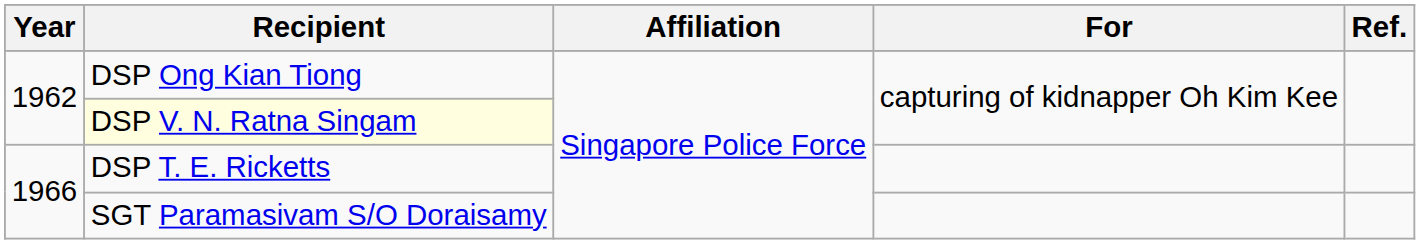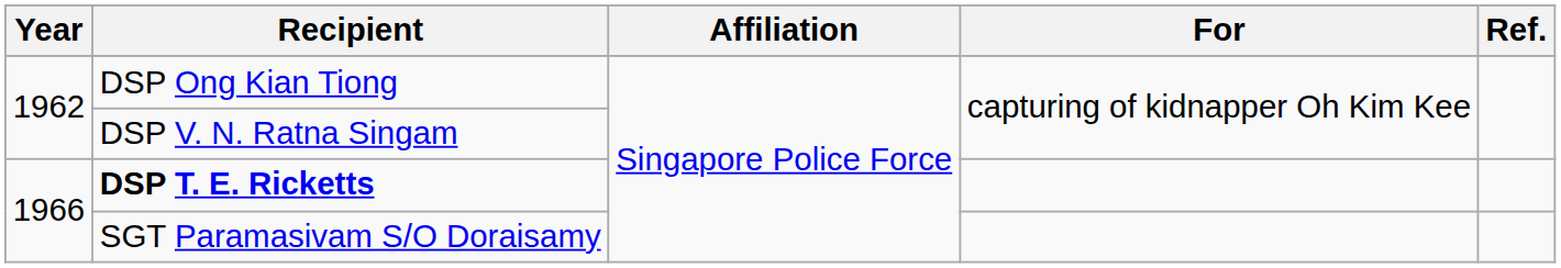 <table class="wikitable">
 <tr>
 <th>Year</th>
 <th>Recipient</th>
 <th>Affiliation</th>
 <th>For</th>
 <th>Ref.</th>
 </tr>
 <tr>
 <td rowspan="2">1962</td>
 <td>DSP <a href='#'>Ong Kian Tiong</a></td>
 <td rowspan="4"><a href='#'>Singapore Police Force</a></td>
 <td rowspan="2">capturing of kidnapper Oh Kim Kee</td>
 <td rowspan="2"></td>
 </tr>
 <tr>
-<td style="background: lightyellow;">DSP <a href='#'>V. N. Ratna Singam</a></td>
+<td>DSP <a href='#'>V. N. Ratna Singam</a></td>
 </tr>
 <tr>
 <td rowspan="2">1966</td>
-<td>DSP <a href='#'>T. E. Ricketts</a></td>
+<td><strong>DSP <a href='#'>T. E. Ricketts</a></strong></td>
 <td></td>
 <td></td>
 </tr>
 <tr>
 <td>SGT <a href='#'>Paramasivam S/O Doraisamy</a></td>
 <td></td>
 <td></td>
 </tr>
 </table>
